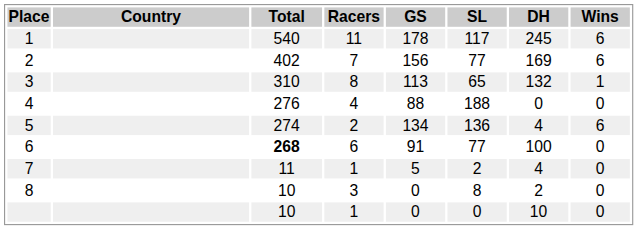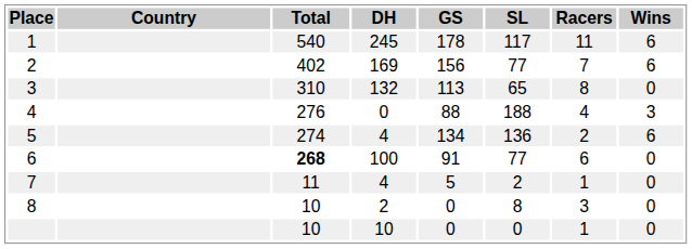 <table border="0" style="border: 1px solid #999; background-color:#FFFFFF; text-align:center; font-size:86%; line-height:15px;">
 <tr align="center" bgcolor="#CCCCCC">
 <th width=35>Place</th>
 <th width=170>Country</th>
 <th width=60>Total</th>
-<th width=50>Racers</th>
+<th width=50>DH</th>
 <th width=50>GS</th>
 <th width=50>SL</th>
-<th width=50>DH</th>
+<th width=50>Racers</th>
 <th width=50>Wins</th>
 </tr>
 <tr bgcolor="#EFEFEF">
 <td>1</td>
 <td align="left"></td>
 <td>540</td>
-<td>11</td>
+<td>245</td>
 <td>178</td>
 <td>117</td>
-<td>245</td>
+<td>11</td>
 <td>6</td>
 </tr>
 <tr>
 <td>2</td>
 <td align="left"></td>
 <td>402</td>
-<td>7</td>
+<td>169</td>
 <td>156</td>
 <td>77</td>
-<td>169</td>
+<td>7</td>
 <td>6</td>
 </tr>
 <tr bgcolor="#EFEFEF">
 <td>3</td>
 <td align="left"></td>
 <td>310</td>
-<td>8</td>
+<td>132</td>
 <td>113</td>
 <td>65</td>
-<td>132</td>
-<td>1</td>
+<td>8</td>
+<td>0</td>
 </tr>
 <tr>
 <td>4</td>
 <td align="left"></td>
 <td>276</td>
-<td>4</td>
+<td>0</td>
 <td>88</td>
 <td>188</td>
-<td>0</td>
-<td>0</td>
+<td>4</td>
+<td>3</td>
 </tr>
 <tr bgcolor="#EFEFEF">
 <td>5</td>
 <td align="left"></td>
 <td>274</td>
-<td>2</td>
+<td>4</td>
 <td>134</td>
 <td>136</td>
-<td>4</td>
+<td>2</td>
 <td>6</td>
 </tr>
 <tr>
 <td>6</td>
 <td align="left"></td>
 <td><strong>268</strong></td>
-<td>6</td>
+<td>100</td>
 <td>91</td>
 <td>77</td>
-<td>100</td>
+<td>6</td>
 <td>0</td>
 </tr>
 <tr bgcolor="#EFEFEF">
 <td>7</td>
 <td align="left"></td>
 <td>11</td>
-<td>1</td>
+<td>4</td>
 <td>5</td>
 <td>2</td>
-<td>4</td>
+<td>1</td>
 <td>0</td>
 </tr>
 <tr>
 <td>8</td>
 <td align="left"></td>
 <td>10</td>
-<td>3</td>
+<td>2</td>
 <td>0</td>
 <td>8</td>
-<td>2</td>
+<td>3</td>
 <td>0</td>
 </tr>
 <tr bgcolor="#EFEFEF">
 <td></td>
 <td align="left"></td>
 <td>10</td>
-<td>1</td>
+<td>10</td>
 <td>0</td>
 <td>0</td>
-<td>10</td>
+<td>1</td>
 <td>0</td>
 </tr>
 </table>
